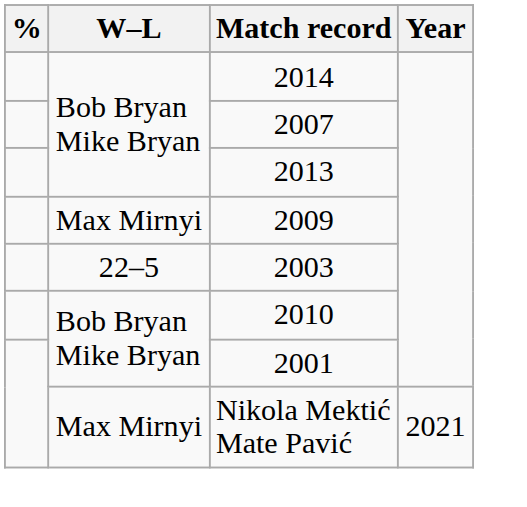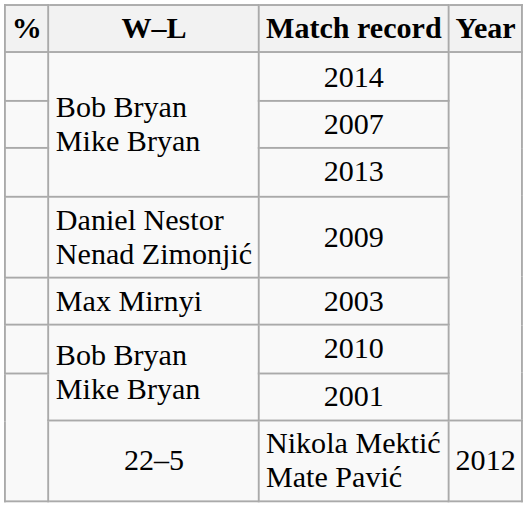 <table class="wikitable nowrap" style="text-align:center; display:inline-table">
 <tr>
 <th scope="col">%</th>
 <th scope="col">W–L</th>
 <th scope="col">Match record</th>
 <th scope="col">Year</th>
 </tr>
 <tr>
 <td></td>
 <td rowspan="3" style="text-align: left;"> Bob Bryan<br> Mike Bryan</td>
 <td>2014</td>
 </tr>
 <tr>
 <td></td>
 <td>2007</td>
 </tr>
 <tr>
 <td></td>
 <td>2013</td>
 </tr>
 <tr>
 <td></td>
-<td style="text-align: left;"> Max Mirnyi</td>
+<td style="text-align: left;"> Daniel Nestor<br> Nenad Zimonjić</td>
 <td>2009</td>
 </tr>
 <tr>
 <td></td>
-<td>22–5</td>
+<td style="text-align: left;"> Max Mirnyi</td>
 <td>2003</td>
 </tr>
 <tr>
 <td></td>
 <td rowspan="2" style="text-align: left;"> Bob Bryan<br> Mike Bryan</td>
 <td>2010</td>
 </tr>
 <tr>
 <td rowspan=2></td>
 <td>2001</td>
 </tr>
 <tr>
-<td style="text-align: left;"> Max Mirnyi</td>
+<td>22–5</td>
 <td style="text-align: left;"> Nikola Mektić <br> Mate Pavić</td>
-<td>2021</td>
+<td>2012</td>
 </tr>
 </table>
